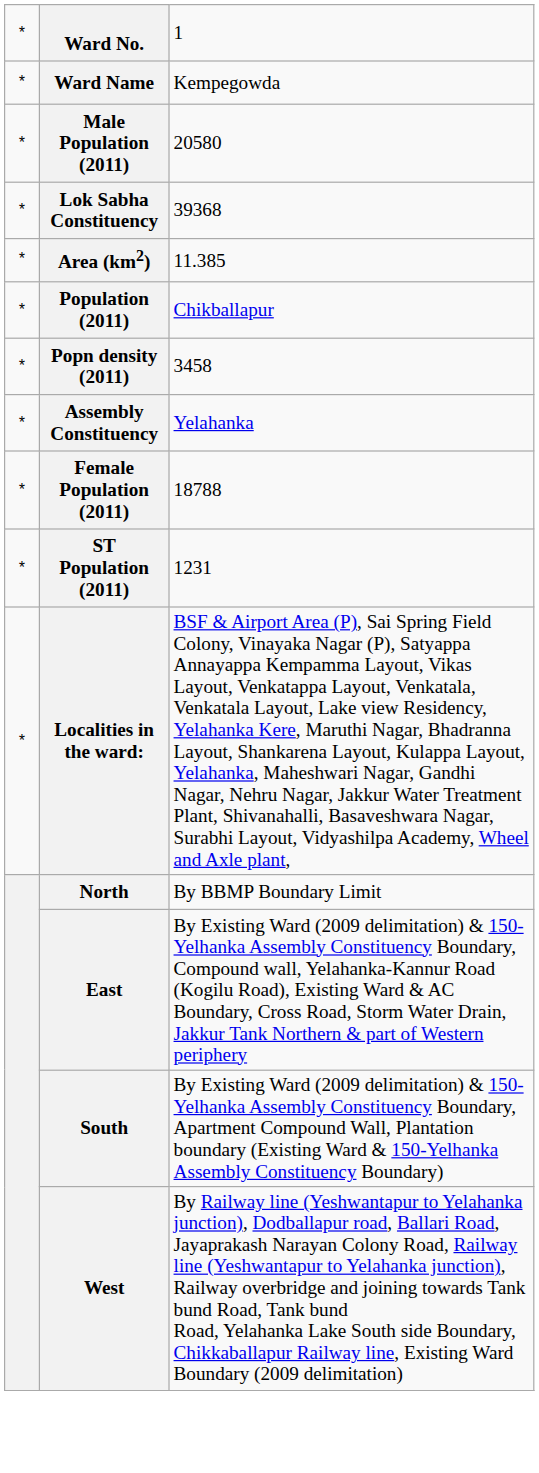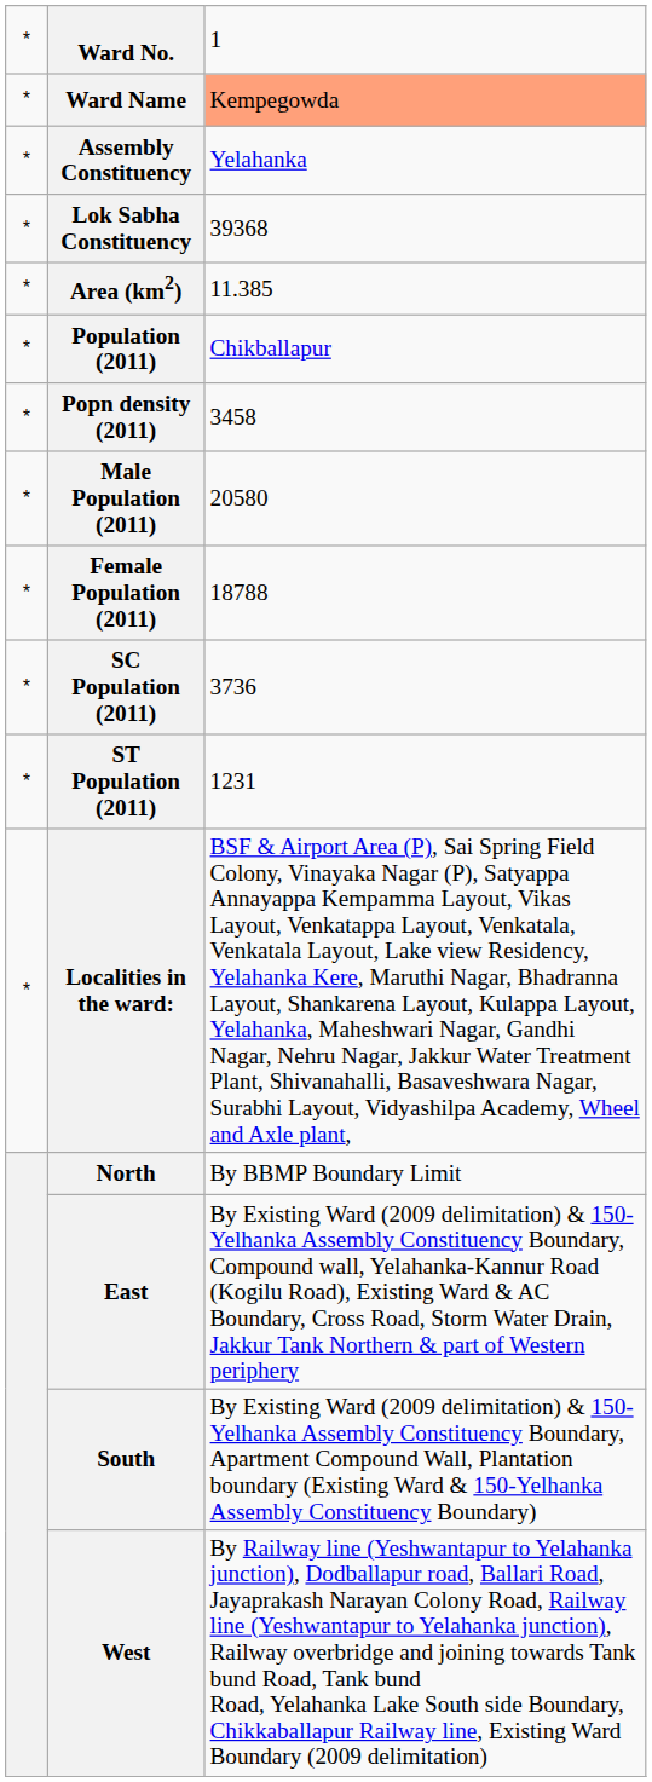 <table class="wikitable" style="width:50%">
 <tr>
 <td style="padding: 10px; font-family: monospace; font-size: 100%;">*</td>
 <th style="padding: 5px;"><br>Ward No.</th>
 <td>1</td>
 </tr>
 <tr>
 <td style="padding: 10px; font-family: monospace; font-size: 100%;">*</td>
 <th style="padding: 5px;">Ward Name</th>
-<td>Kempegowda</td>
+<td style="background: lightsalmon;">Kempegowda</td>
 </tr>
 <tr>
 <td style="padding: 10px; font-family: monospace; font-size: 100%;">*</td>
-<th style="padding: 5px;">Male Population (2011)</th>
-<td>20580</td>
+<th style="padding: 5px;">Assembly Constituency</th>
+<td><a href='#'>Yelahanka</a></td>
 </tr>
 <tr>
 <td style="padding: 10px; font-family: monospace; font-size: 100%;">*</td>
 <th style="padding: 5px;">Lok Sabha Constituency</th>
 <td>39368</td>
 </tr>
 <tr>
 <td style="padding: 10px; font-family: monospace; font-size: 100%;">*</td>
 <th style="padding: 5px;">Area (km<sup>2</sup>)</th>
 <td>11.385</td>
 </tr>
 <tr>
 <td style="padding: 10px; font-family: monospace; font-size: 100%;">*</td>
 <th style="padding: 5px;">Population (2011)</th>
 <td><a href='#'>Chikballapur</a></td>
 </tr>
 <tr>
 <td style="padding: 10px; font-family: monospace; font-size: 100%;">*</td>
 <th style="padding: 5px;">Popn density (2011)</th>
 <td>3458</td>
 </tr>
 <tr>
 <td style="padding: 10px; font-family: monospace; font-size: 100%;">*</td>
-<th style="padding: 5px;">Assembly Constituency</th>
-<td><a href='#'>Yelahanka</a></td>
+<th style="padding: 5px;">Male Population (2011)</th>
+<td>20580</td>
 </tr>
 <tr>
 <td style="padding: 10px; font-family: monospace; font-size: 100%;">*</td>
 <th style="padding: 5px;">Female Population (2011)</th>
 <td>18788</td>
+</tr>
+<tr>
+<td style="padding: 10px; font-family: monospace; font-size: 100%;">*</td>
+<th style="padding: 5px;">SC Population (2011)</th>
+<td>3736</td>
 </tr>
 <tr>
 <td style="padding: 10px; font-family: monospace; font-size: 100%;">*</td>
 <th style="padding: 5px;">ST Population (2011)</th>
 <td>1231</td>
 </tr>
 <tr>
 <td style="padding: 10px; font-family: monospace; font-size: 100%;">*</td>
 <th style="padding: 5px;">Localities in the ward:</th>
 <td><a href='#'>BSF & Airport Area (P)</a>, Sai Spring Field Colony, Vinayaka Nagar (P), Satyappa Annayappa Kempamma Layout, Vikas<br>Layout, Venkatappa Layout, Venkatala, Venkatala Layout, Lake view Residency, <a href='#'>Yelahanka Kere</a>, Maruthi Nagar, Bhadranna Layout, Shankarena Layout, Kulappa Layout, <a href='#'>Yelahanka</a>, Maheshwari Nagar, Gandhi Nagar, Nehru Nagar, Jakkur Water Treatment Plant, Shivanahalli, Basaveshwara Nagar, Surabhi Layout, Vidyashilpa Academy, <a href='#'>Wheel and Axle plant</a>,</td>
 </tr>
 <tr>
 <th rowspan="4" style="padding: 2px; font-family: monospace; font-size: 120%;"></th>
 <th style="padding: 5px;">North</th>
 <td>By BBMP Boundary Limit</td>
 </tr>
 <tr>
 <th style="padding: 5px;">East</th>
 <td>By Existing Ward (2009 delimitation) & <a href='#'>150-Yelhanka Assembly Constituency</a> Boundary, Compound wall, Yelahanka-Kannur Road (Kogilu Road), Existing Ward & AC Boundary, Cross Road, Storm Water Drain, <a href='#'>Jakkur Tank Northern & part of Western periphery</a></td>
 </tr>
 <tr>
 <th style="padding: 5px;">South</th>
 <td>By Existing Ward (2009 delimitation) & <a href='#'>150-Yelhanka Assembly Constituency</a> Boundary, Apartment Compound Wall, Plantation boundary (Existing Ward & <a href='#'>150-Yelhanka Assembly Constituency</a> Boundary)</td>
 </tr>
 <tr>
 <th style="padding: 5px;">West</th>
 <td>By <a href='#'>Railway line (Yeshwantapur to Yelahanka junction)</a>, <a href='#'>Dodballapur road</a>, <a href='#'>Ballari Road</a>, Jayaprakash Narayan Colony Road, <a href='#'>Railway line (Yeshwantapur to Yelahanka junction)</a>, Railway overbridge and joining towards Tank bund Road, Tank bund<br>Road, Yelahanka Lake South side Boundary, <a href='#'>Chikkaballapur Railway line</a>, Existing Ward Boundary (2009 delimitation)</td>
 </tr>
 <tr>
 </tr>
 </table>
